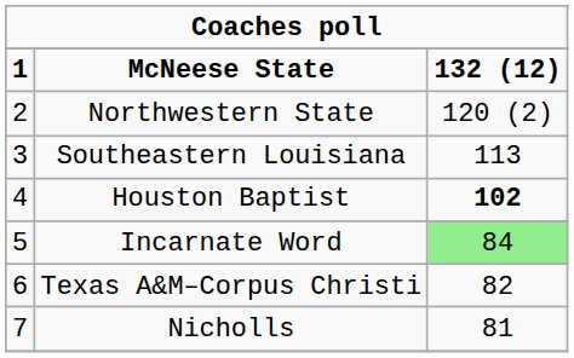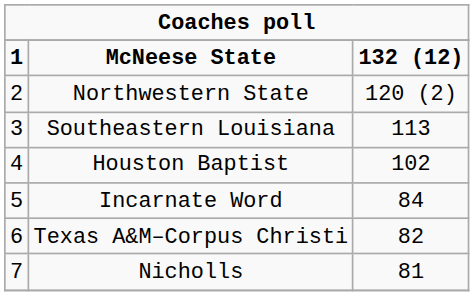 <table class="wikitable">
 <tr align="center">
 <td align="center" Colspan="3"><strong>Coaches poll</strong></td>
 </tr>
 <tr align="center">
 </tr>
 <tr align="center">
 <td><strong>1</strong></td>
 <td><strong>McNeese State</strong></td>
 <td><strong>132 (12)</strong></td>
 </tr>
 <tr align="center">
 <td>2</td>
 <td>Northwestern State</td>
 <td>120 (2)</td>
 </tr>
 <tr align="center">
 <td>3</td>
 <td>Southeastern Louisiana</td>
 <td>113</td>
 </tr>
 <tr align="center">
 <td>4</td>
 <td>Houston Baptist</td>
-<td><strong>102</strong></td>
+<td>102</td>
 </tr>
 <tr align="center">
 <td>5</td>
 <td>Incarnate Word</td>
-<td style="background: lightgreen;">84</td>
+<td>84</td>
 </tr>
 <tr align="center">
 <td>6</td>
 <td>Texas A&M–Corpus Christi</td>
 <td>82</td>
 </tr>
 <tr align="center">
 <td>7</td>
 <td>Nicholls</td>
 <td>81</td>
 </tr>
 <tr align="center">
 </tr>
 </table>
